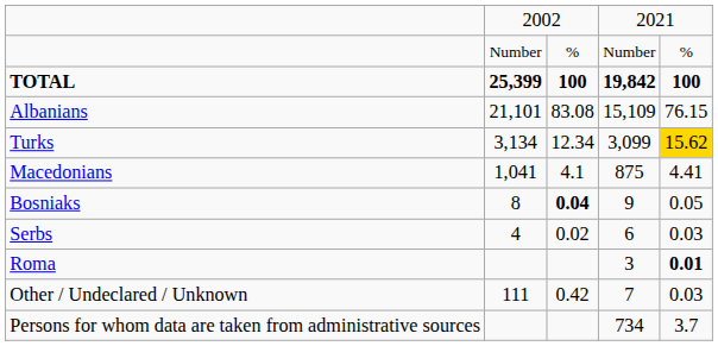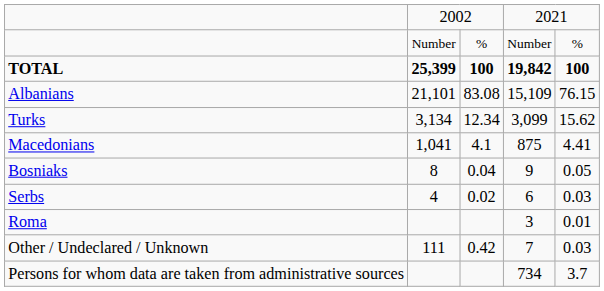 <table class="wikitable">
 <tr>
 <td></td>
 <td colspan="2" align="center">2002</td>
 <td colspan="2" align="center">2021</td>
 </tr>
 <tr>
 <td></td>
 <td align="center"><small>Number</small></td>
 <td align="center"><small>%</small></td>
 <td align="center"><small>Number</small></td>
 <td align="center"><small>%</small></td>
 </tr>
 <tr>
 <td><strong>TOTAL</strong></td>
 <td align="center"><strong>25,399</strong></td>
 <td align="center"><strong>100</strong></td>
 <td align="center"><strong>19,842</strong></td>
 <td align="center"><strong>100</strong></td>
 </tr>
 <tr>
 <td><a href='#'>Albanians</a></td>
 <td align="center">21,101</td>
 <td align="center">83.08</td>
 <td align="center">15,109</td>
 <td align="center">76.15</td>
 </tr>
 <tr>
 <td><a href='#'>Turks</a></td>
 <td align="center">3,134</td>
 <td align="center">12.34</td>
 <td align="center">3,099</td>
-<td align="center" style="background: gold;">15.62</td>
+<td align="center">15.62</td>
 </tr>
 <tr>
 <td><a href='#'>Macedonians</a></td>
 <td align="center">1,041</td>
 <td align="center">4.1</td>
 <td align="center">875</td>
 <td align="center">4.41</td>
 </tr>
 <tr>
 <td><a href='#'>Bosniaks</a></td>
 <td align="center">8</td>
-<td align="center"><strong>0.04</strong></td>
+<td align="center">0.04</td>
 <td align="center">9</td>
 <td align="center">0.05</td>
 </tr>
 <tr>
 <td><a href='#'>Serbs</a></td>
 <td align="center">4</td>
 <td align="center">0.02</td>
 <td align="center">6</td>
 <td align="center">0.03</td>
 </tr>
 <tr>
 <td><a href='#'>Roma</a></td>
 <td align="center"></td>
 <td align="center"></td>
 <td align="center">3</td>
-<td align="center"><strong>0.01</strong></td>
+<td align="center">0.01</td>
 </tr>
 <tr>
 <td>Other / Undeclared / Unknown</td>
 <td align="center">111</td>
 <td align="center">0.42</td>
 <td align="center">7</td>
 <td align="center">0.03</td>
 </tr>
 <tr>
 <td>Persons for whom data are taken from administrative sources</td>
 <td align="center"></td>
 <td align="center"></td>
 <td align="center">734</td>
 <td align="center">3.7</td>
 </tr>
 </table>
